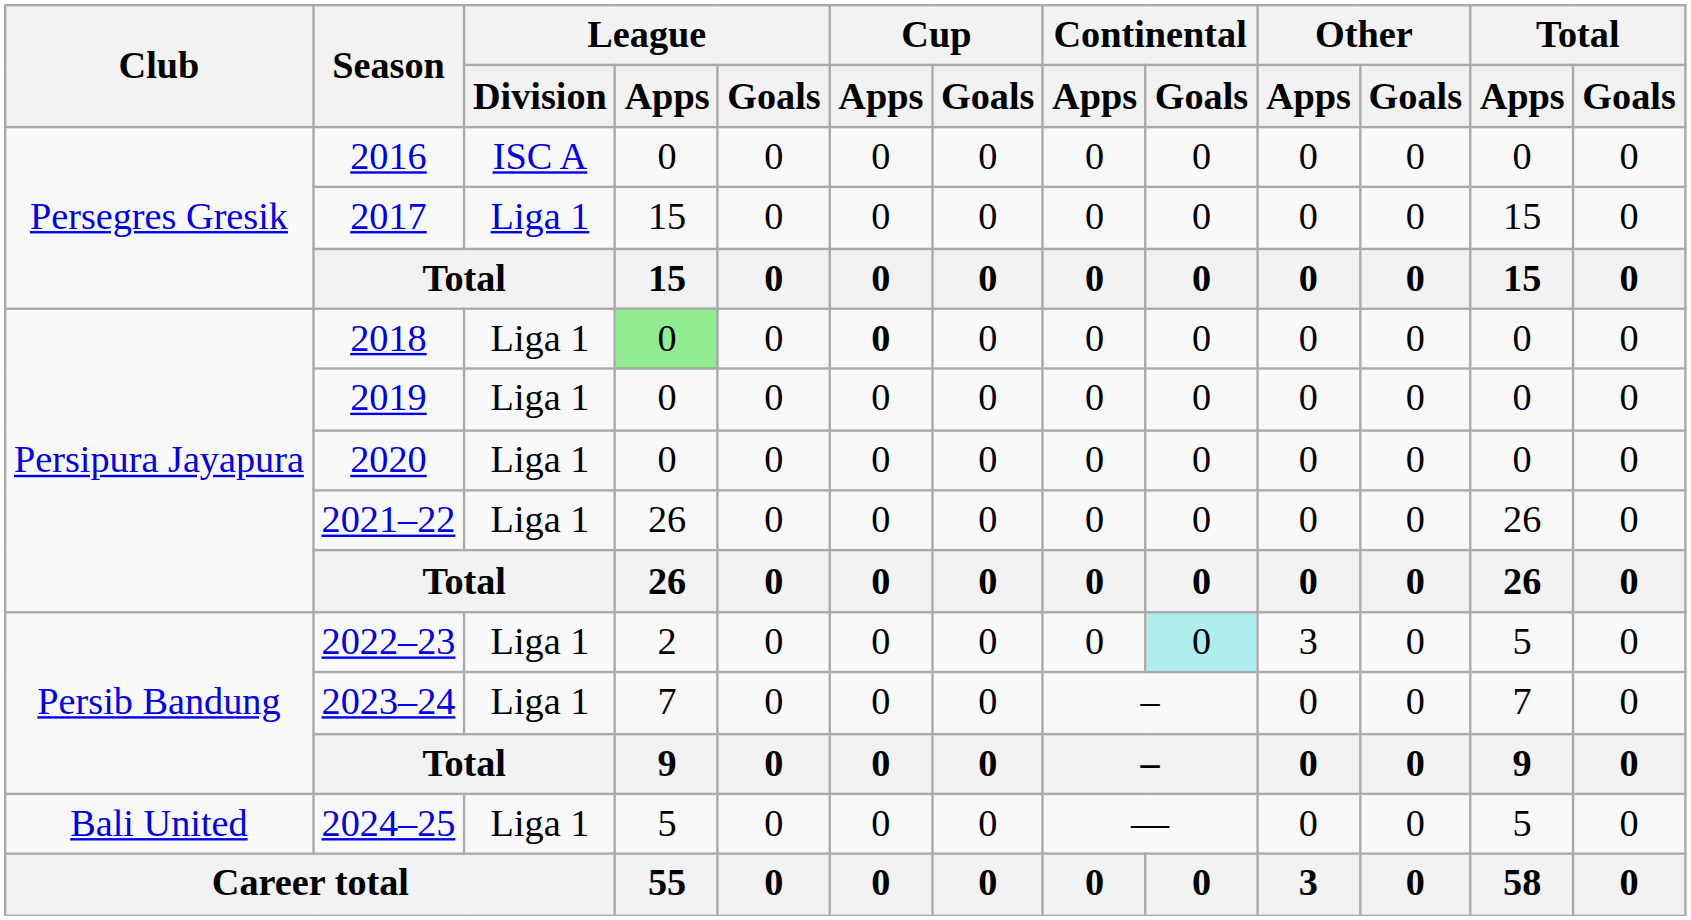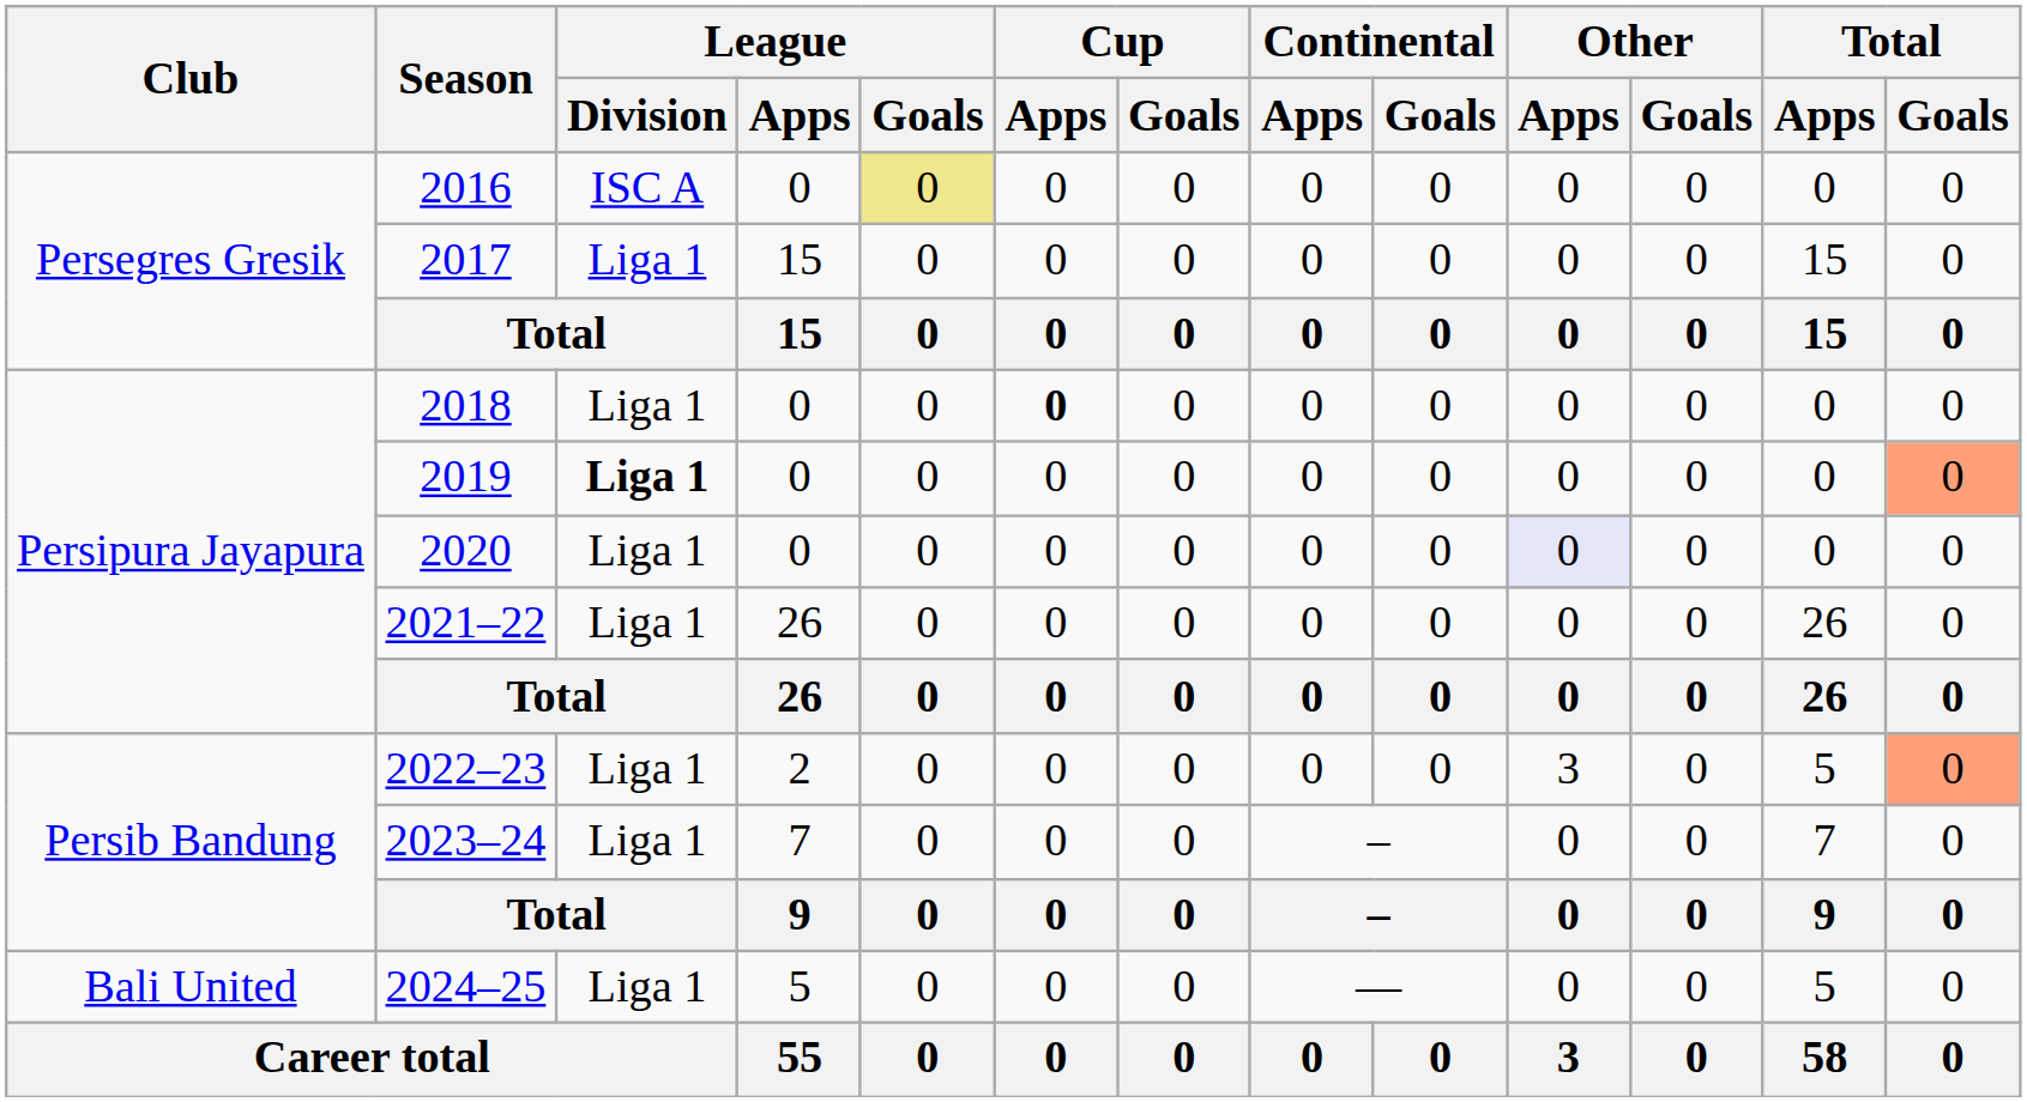 <table class="wikitable" style="text-align:center">
 <tr>
 <th rowspan="2">Club</th>
 <th rowspan="2">Season</th>
 <th colspan="3">League</th>
 <th colspan="2">Cup</th>
 <th colspan="2">Continental</th>
 <th colspan="2">Other</th>
 <th colspan="2">Total</th>
 </tr>
 <tr>
 <th>Division</th>
 <th>Apps</th>
 <th>Goals</th>
 <th>Apps</th>
 <th>Goals</th>
 <th>Apps</th>
 <th>Goals</th>
 <th>Apps</th>
 <th>Goals</th>
 <th>Apps</th>
 <th>Goals</th>
 </tr>
 <tr>
 <td rowspan="3" valign="center"><a href='#'>Persegres Gresik</a></td>
 <td><a href='#'>2016</a></td>
 <td><a href='#'>ISC A</a></td>
 <td>0</td>
-<td>0</td>
+<td style="background: khaki;">0</td>
 <td>0</td>
 <td>0</td>
 <td>0</td>
 <td>0</td>
 <td>0</td>
 <td>0</td>
 <td>0</td>
 <td>0</td>
 </tr>
 <tr>
 <td><a href='#'>2017</a></td>
 <td rowspan="1" valign="center"><a href='#'>Liga 1</a></td>
 <td>15</td>
 <td>0</td>
 <td>0</td>
 <td>0</td>
 <td>0</td>
 <td>0</td>
 <td>0</td>
 <td>0</td>
 <td>15</td>
 <td>0</td>
 </tr>
 <tr>
 <th colspan="2">Total</th>
 <th>15</th>
 <th>0</th>
 <th>0</th>
 <th>0</th>
 <th>0</th>
 <th>0</th>
 <th>0</th>
 <th>0</th>
 <th>15</th>
 <th>0</th>
 </tr>
 <tr>
 <td rowspan="5" valign="center"><a href='#'>Persipura Jayapura</a></td>
 <td><a href='#'>2018</a></td>
 <td rowspan="1" valign="center">Liga 1</td>
-<td style="background: lightgreen;">0</td>
+<td>0</td>
 <td>0</td>
 <td><strong>0</strong></td>
 <td>0</td>
 <td>0</td>
 <td>0</td>
 <td>0</td>
 <td>0</td>
 <td>0</td>
 <td>0</td>
 </tr>
 <tr>
 <td><a href='#'>2019</a></td>
-<td rowspan="1" valign="center">Liga 1</td>
+<td rowspan="1" valign="center"><strong>Liga 1</strong></td>
 <td>0</td>
 <td>0</td>
 <td>0</td>
 <td>0</td>
 <td>0</td>
 <td>0</td>
 <td>0</td>
 <td>0</td>
 <td>0</td>
-<td>0</td>
+<td style="background: lightsalmon;">0</td>
 </tr>
 <tr>
 <td><a href='#'>2020</a></td>
 <td rowspan="1" valign="center">Liga 1</td>
 <td>0</td>
 <td>0</td>
 <td>0</td>
 <td>0</td>
 <td>0</td>
 <td>0</td>
-<td>0</td>
+<td style="background: lavender;">0</td>
 <td>0</td>
 <td>0</td>
 <td>0</td>
 </tr>
 <tr>
 <td><a href='#'>2021–22</a></td>
 <td rowspan="1" valign="center">Liga 1</td>
 <td>26</td>
 <td>0</td>
 <td>0</td>
 <td>0</td>
 <td>0</td>
 <td>0</td>
 <td>0</td>
 <td>0</td>
 <td>26</td>
 <td>0</td>
 </tr>
 <tr>
 <th colspan="2">Total</th>
 <th>26</th>
 <th>0</th>
 <th>0</th>
 <th>0</th>
 <th>0</th>
 <th>0</th>
 <th>0</th>
 <th>0</th>
 <th>26</th>
 <th>0</th>
 </tr>
 <tr>
 <td rowspan="3"><a href='#'>Persib Bandung</a></td>
 <td><a href='#'>2022–23</a></td>
 <td rowspan="1">Liga 1</td>
 <td>2</td>
 <td>0</td>
 <td>0</td>
 <td>0</td>
 <td>0</td>
-<td style="background: paleturquoise;">0</td>
+<td>0</td>
 <td>3</td>
 <td>0</td>
 <td>5</td>
-<td>0</td>
+<td style="background: lightsalmon;">0</td>
 </tr>
 <tr>
 <td><a href='#'>2023–24</a></td>
 <td rowspan="1" valign="center">Liga 1</td>
 <td>7</td>
 <td>0</td>
 <td>0</td>
 <td>0</td>
 <td colspan="2">–</td>
 <td>0</td>
 <td>0</td>
 <td>7</td>
 <td>0</td>
 </tr>
 <tr>
 <th colspan="2">Total</th>
 <th>9</th>
 <th>0</th>
 <th>0</th>
 <th>0</th>
 <th colspan="2">–</th>
 <th>0</th>
 <th>0</th>
 <th>9</th>
 <th>0</th>
 </tr>
 <tr>
 <td rowspan="1" valign="center"><a href='#'>Bali United</a></td>
 <td><a href='#'>2024–25</a></td>
 <td rowspan="1" valign="center">Liga 1</td>
 <td>5</td>
 <td>0</td>
 <td>0</td>
 <td>0</td>
 <td colspan=2>—</td>
 <td>0</td>
 <td>0</td>
 <td>5</td>
 <td>0</td>
 </tr>
 <tr>
 <th colspan="3">Career total</th>
 <th>55</th>
 <th>0</th>
 <th>0</th>
 <th>0</th>
 <th>0</th>
 <th>0</th>
 <th>3</th>
 <th>0</th>
 <th>58</th>
 <th>0</th>
 </tr>
 </table>
